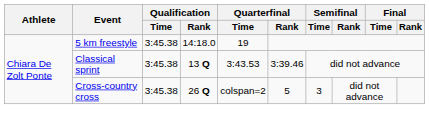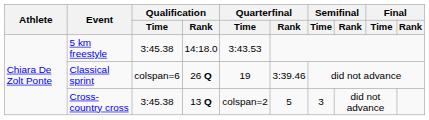 <table class="wikitable" style="font-size:90%">
 <tr>
 <th rowspan="2">Athlete</th>
 <th rowspan="2">Event</th>
 <th colspan="2">Qualification</th>
 <th colspan="2">Quarterfinal</th>
 <th colspan="2">Semifinal</th>
 <th colspan="2">Final</th>
 </tr>
 <tr style="font-size:95%">
 <th>Time</th>
 <th>Rank</th>
 <th>Time</th>
 <th>Rank</th>
 <th>Time</th>
 <th>Rank</th>
 <th>Time</th>
 <th>Rank</th>
 </tr>
 <tr align=center>
 <td align=left rowspan=3><a href='#'>Chiara De Zolt Ponte</a></td>
 <td align=left><a href='#'>5 km freestyle</a></td>
 <td>3:45.38</td>
 <td>14:18.0</td>
-<td>19</td>
+<td>3:43.53</td>
 </tr>
 <tr align=center>
 <td align=left><a href='#'>Classical sprint</a></td>
-<td>3:45.38</td>
-<td>13 <strong>Q</strong></td>
-<td>3:43.53</td>
+<td>colspan=6 </td>
+<td>26 <strong>Q</strong></td>
+<td>19</td>
 <td>3:39.46</td>
 <td colspan=4>did not advance</td>
 </tr>
 <tr align=center>
 <td align=left><a href='#'>Cross-country cross</a></td>
 <td>3:45.38</td>
-<td>26 <strong>Q</strong></td>
+<td>13 <strong>Q</strong></td>
 <td>colspan=2 </td>
 <td>5</td>
 <td>3</td>
 <td colspan=2>did not advance</td>
 </tr>
 </table>
